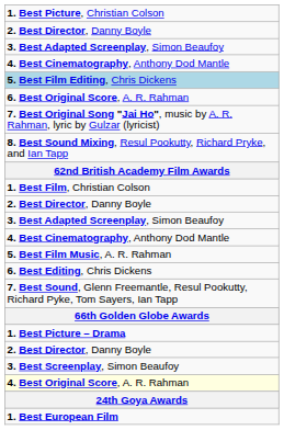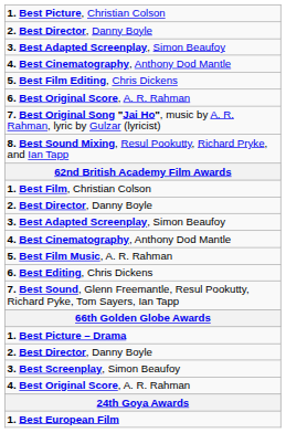 <table class="wikitable floatright" style="width: 26em; font-size:90%">
 <tr>
 <td><strong>1. <a href='#'>Best Picture</a></strong>, <a href='#'>Christian Colson</a></td>
 </tr>
 <tr>
 <td><strong>2. <a href='#'>Best Director</a></strong>, <a href='#'>Danny Boyle</a></td>
 </tr>
 <tr>
 <td><strong>3. <a href='#'>Best Adapted Screenplay</a></strong>, <a href='#'>Simon Beaufoy</a></td>
 </tr>
 <tr>
 <td><strong>4. <a href='#'>Best Cinematography</a></strong>, <a href='#'>Anthony Dod Mantle</a></td>
 </tr>
 <tr>
-<td style="background: lightblue;"><strong>5. <a href='#'>Best Film Editing</a></strong>, <a href='#'>Chris Dickens</a></td>
+<td><strong>5. <a href='#'>Best Film Editing</a></strong>, <a href='#'>Chris Dickens</a></td>
 </tr>
 <tr>
 <td><strong>6. <a href='#'>Best Original Score</a></strong>, <a href='#'>A. R. Rahman</a></td>
 </tr>
 <tr>
 <td><strong>7. <a href='#'>Best Original Song</a> "<a href='#'>Jai Ho</a>"</strong>, music by <a href='#'>A. R. Rahman</a>, lyric by <a href='#'>Gulzar</a> (lyricist)</td>
 </tr>
 <tr>
 <td><strong>8. <a href='#'>Best Sound Mixing</a></strong>, <a href='#'>Resul Pookutty</a>, <a href='#'>Richard Pryke</a>, and <a href='#'>Ian Tapp</a></td>
 </tr>
 <tr style="background:#ccc; text-align:center;">
 <th colspan="7"><a href='#'>62nd British Academy Film Awards</a></th>
 </tr>
 <tr>
 <td><strong>1. <a href='#'>Best Film</a></strong>, Christian Colson</td>
 </tr>
 <tr>
 <td><strong>2. <a href='#'>Best Director</a></strong>, Danny Boyle</td>
 </tr>
 <tr>
 <td><strong>3. <a href='#'>Best Adapted Screenplay</a></strong>, Simon Beaufoy</td>
 </tr>
 <tr>
 <td><strong>4. <a href='#'>Best Cinematography</a></strong>, Anthony Dod Mantle</td>
 </tr>
 <tr>
 <td><strong>5. <a href='#'>Best Film Music</a></strong>, A. R. Rahman</td>
 </tr>
 <tr>
 <td><strong>6. <a href='#'>Best Editing</a></strong>, Chris Dickens</td>
 </tr>
 <tr>
 <td><strong>7. <a href='#'>Best Sound</a></strong>, Glenn Freemantle, Resul Pookutty, Richard Pyke, Tom Sayers, Ian Tapp</td>
 </tr>
 <tr style="background:#ccc; text-align:center;">
 <th colspan="4"><a href='#'>66th Golden Globe Awards</a></th>
 </tr>
 <tr>
 <td><strong>1. <a href='#'>Best Picture – Drama</a></strong></td>
 </tr>
 <tr>
 <td><strong>2. <a href='#'>Best Director</a></strong>, Danny Boyle</td>
 </tr>
 <tr>
 <td><strong>3. <a href='#'>Best Screenplay</a></strong>, Simon Beaufoy</td>
 </tr>
 <tr>
-<td style="background: lightyellow;"><strong>4. <a href='#'>Best Original Score</a></strong>, A. R. Rahman</td>
+<td><strong>4. <a href='#'>Best Original Score</a></strong>, A. R. Rahman</td>
 </tr>
 <tr style="background:#ccc; text-align:center;">
 <th><a href='#'>24th Goya Awards</a></th>
 </tr>
 <tr>
 <td><strong>1. <a href='#'>Best European Film</a></strong></td>
 </tr>
 </table>
